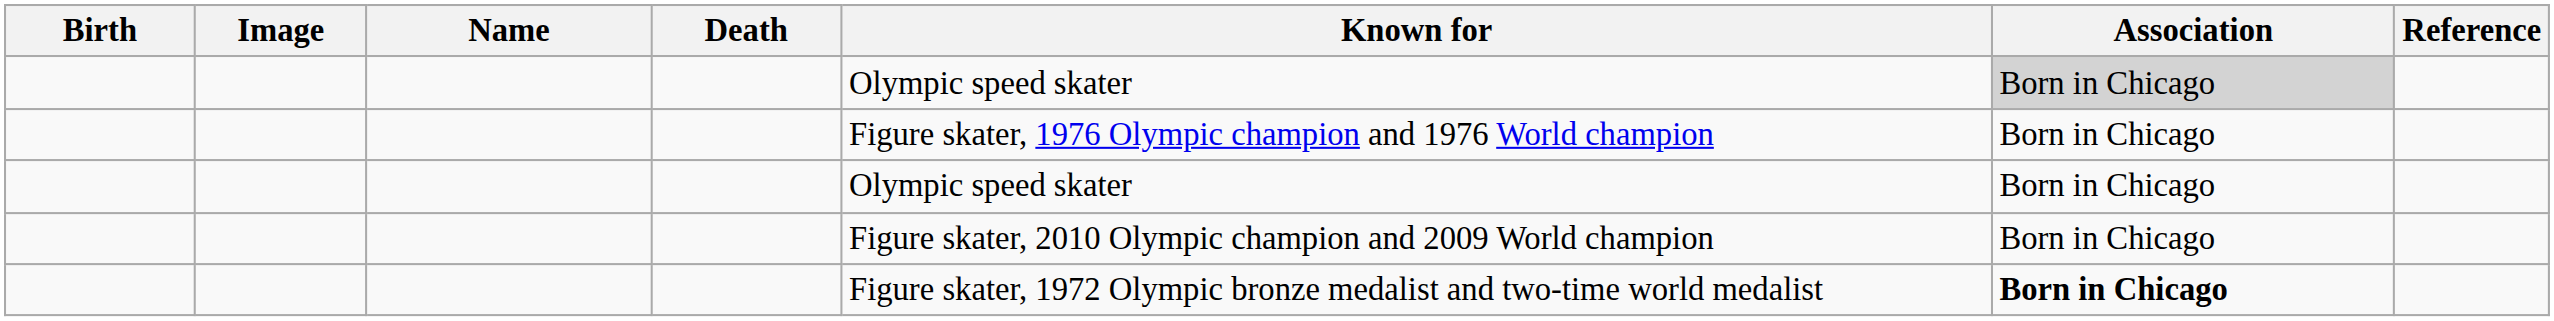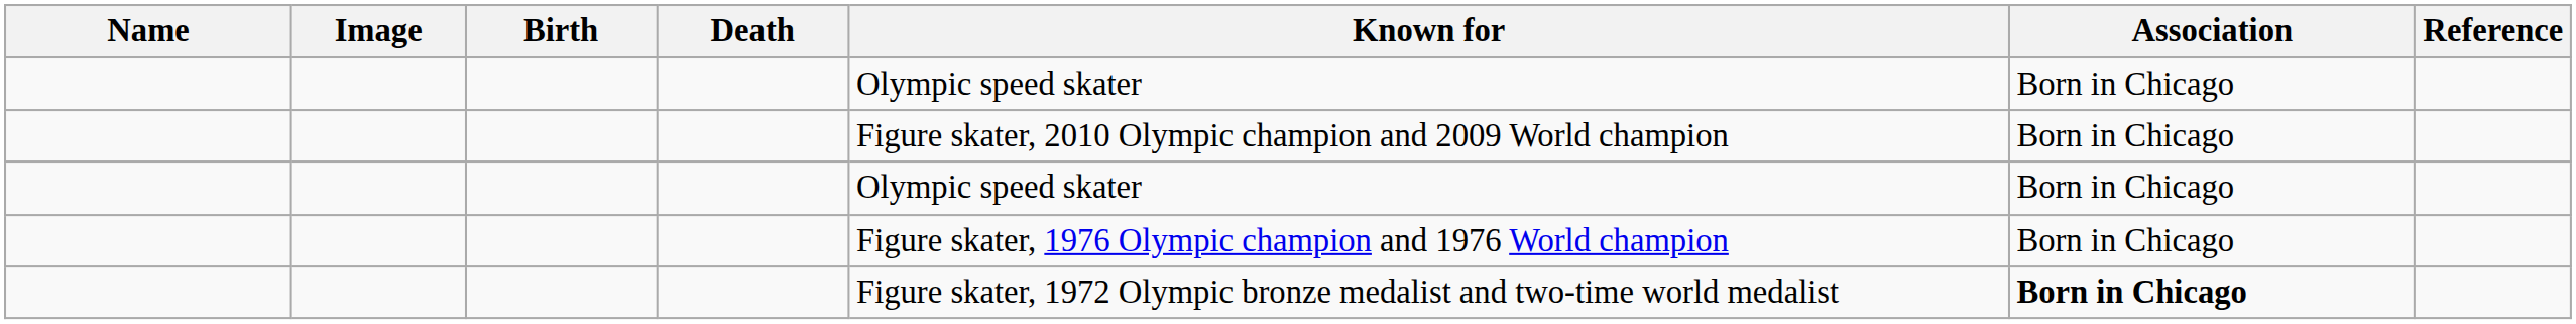 <table class="wikitable sortable">
 <tr>
+<th scope="col" width="140">Name</th>
+<th scope="col" width="80" class="unsortable">Image</th>
 <th scope="col" width="90">Birth</th>
-<th scope="col" width="80" class="unsortable">Image</th>
-<th scope="col" width="140">Name</th>
 <th scope="col" width="90">Death</th>
 <th scope="col" width="600" class="unsortable">Known for</th>
 <th scope="col" width="200" class="unsortable">Association</th>
 <th scope="col" width="30" class="unsortable">Reference</th>
 </tr>
 <tr>
+<td></td>
+<td></td>
 <td align=right></td>
 <td></td>
-<td></td>
-<td></td>
 <td>Olympic speed skater</td>
-<td style="background: lightgrey;">Born in Chicago</td>
+<td>Born in Chicago</td>
 <td align="center"></td>
 </tr>
 <tr>
+<td></td>
+<td></td>
 <td align=right></td>
 <td></td>
+<td>Figure skater, 2010 Olympic champion and 2009 World champion</td>
+<td>Born in Chicago</td>
+<td align="center"></td>
+</tr>
+<tr>
 <td></td>
+<td></td>
+<td align=right></td>
+<td></td>
+<td>Olympic speed skater</td>
+<td>Born in Chicago</td>
+<td></td>
+</tr>
+<tr>
+<td></td>
+<td></td>
+<td align=right></td>
 <td></td>
 <td>Figure skater, <a href='#'>1976 Olympic champion</a> and 1976 <a href='#'>World champion</a></td>
 <td>Born in Chicago</td>
 <td align="center"></td>
 </tr>
 <tr>
-<td align=right></td>
 <td></td>
 <td></td>
-<td></td>
-<td>Olympic speed skater</td>
-<td>Born in Chicago</td>
-<td></td>
-</tr>
-<tr>
 <td align=right></td>
-<td></td>
-<td></td>
-<td></td>
-<td>Figure skater, 2010 Olympic champion and 2009 World champion</td>
-<td>Born in Chicago</td>
-<td align="center"></td>
-</tr>
-<tr>
-<td align=right></td>
-<td></td>
-<td></td>
 <td></td>
 <td>Figure skater, 1972 Olympic bronze medalist and two-time world medalist</td>
 <td><strong>Born in Chicago</strong></td>
 <td align="center"></td>
 </tr>
 </table>
